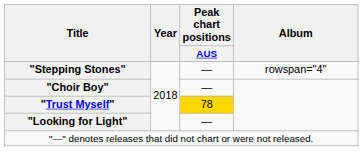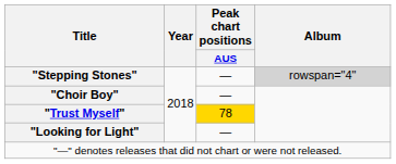 <table class="wikitable plainrowheaders" style="text-align:center;">
 <tr>
 <th scope="col" rowspan="2" style="width:13em;">Title</th>
 <th scope="col" rowspan="2" style="width:1em;">Year</th>
 <th scope="col" colspan="1">Peak chart positions</th>
 <th scope="col" rowspan="2" style="width:11em;">Album</th>
 </tr>
 <tr>
 <th scope="col" style="width:3em;font-size:90%;"><a href='#'>AUS</a><br></th>
 </tr>
 <tr>
 <th scope="row">"Stepping Stones"</th>
 <td rowspan="4">2018</td>
 <td>—</td>
-<td>rowspan="4" </td>
+<td style="background: lightgrey;">rowspan="4" </td>
 </tr>
 <tr>
 <th scope="row">"Choir Boy"</th>
 <td>—</td>
 </tr>
 <tr>
 <th scope="row">"<a href='#'>Trust Myself</a>"</th>
 <td style="background: gold;">78</td>
 </tr>
 <tr>
 <th scope="row">"Looking for Light"</th>
 <td>—</td>
 </tr>
 <tr>
 <td align="center" colspan="6" style="font-size:90%">"—" denotes releases that did not chart or were not released.</td>
 </tr>
 </table>
